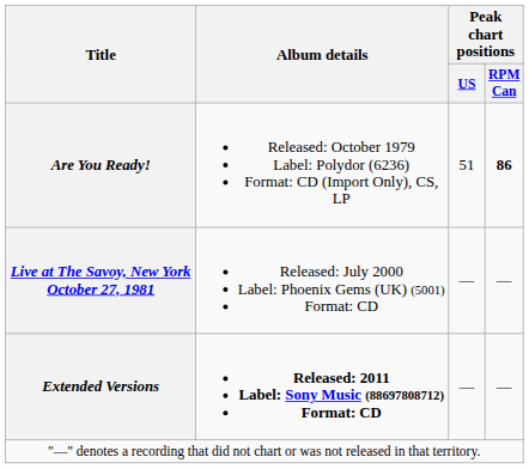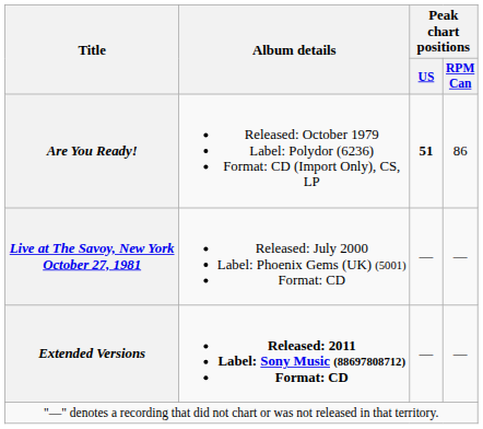 <table class="wikitable plainrowheaders" style="text-align:center;" border="1">
 <tr>
 <th scope="col" rowspan="2" style="width:12em;">Title</th>
 <th scope="col" rowspan="2" style="width:16em;">Album details</th>
 <th scope="col" colspan="2">Peak chart positions</th>
 </tr>
 <tr>
 <th scope="col" style="width:2.2em;font-size:90%;"><a href='#'>US</a><br></th>
 <th scope="col" style="width:2.2em;font-size:90%;"><a href='#'>RPM Can</a></th>
 </tr>
 <tr>
 <th scope="row"><em>Are You Ready!</em></th>
 <td><br><ul><li>Released: October 1979</li><li>Label: Polydor (6236)</li><li>Format: CD (Import Only), CS, LP</li></ul></td>
-<td>51</td>
-<td><strong>86</strong></td>
+<td><strong>51</strong></td>
+<td>86</td>
 </tr>
 <tr>
 <th scope="row"><em><a href='#'>Live at The Savoy, New York October 27, 1981</a></em></th>
 <td><br><ul><li>Released: July 2000</li><li>Label: Phoenix Gems (UK) <small>(5001)</small></li><li>Format: CD</li></ul></td>
 <td>—</td>
 <td>—</td>
 </tr>
 <tr>
 <th scope="row"><em>Extended Versions</em></th>
 <td><strong><br><ul><li>Released: 2011</li><li>Label: <a href='#'>Sony Music</a> <small>(88697808712)</small></li><li>Format: CD</li></ul></strong></td>
 <td>—</td>
 <td>—</td>
 </tr>
 <tr>
 <td colspan="14" style="font-size:90%">"—" denotes a recording that did not chart or was not released in that territory.</td>
 </tr>
 </table>
